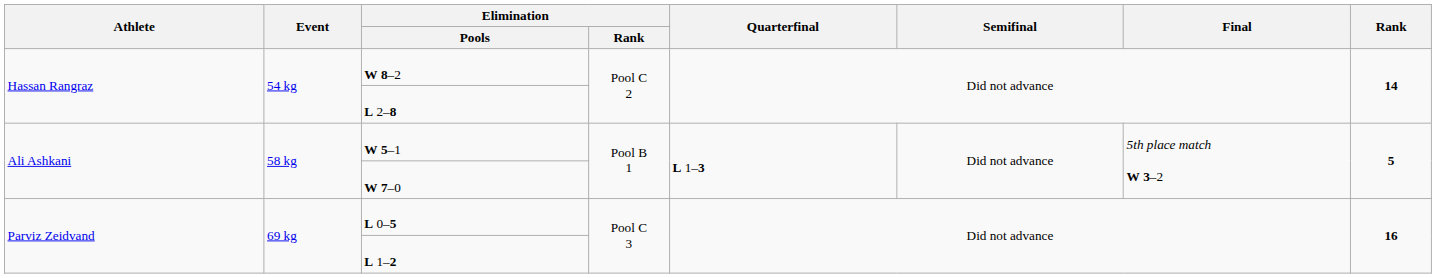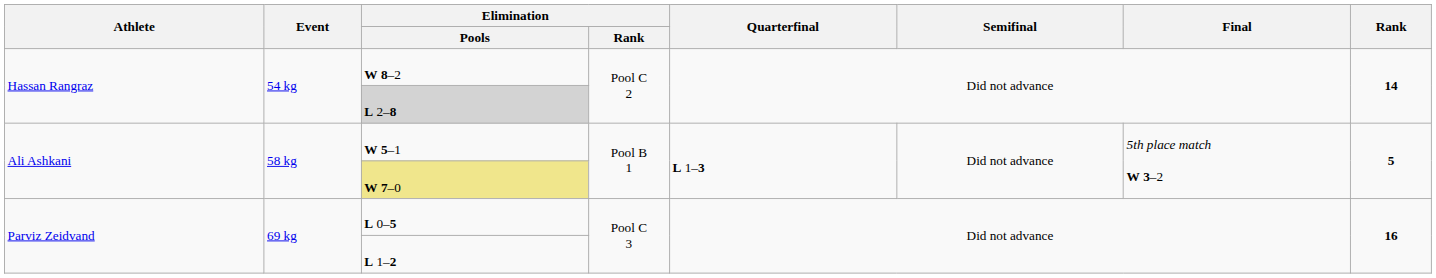 <table class="wikitable" width="98%" style="text-align:left; font-size:90%">
 <tr>
 <th rowspan="2" width="16%">Athlete</th>
 <th rowspan="2" width="6%">Event</th>
 <th colspan="2">Elimination</th>
 <th rowspan="2" width="14%">Quarterfinal</th>
 <th rowspan="2" width="14%">Semifinal</th>
 <th rowspan="2" width="14%">Final</th>
 <th rowspan="2" width="5%">Rank</th>
 </tr>
 <tr>
 <th width="14%">Pools</th>
 <th width="5%">Rank</th>
 </tr>
 <tr>
 <td rowspan="2"><a href='#'>Hassan Rangraz</a></td>
 <td rowspan="2"><a href='#'>54 kg</a></td>
 <td><br><strong>W</strong> <strong>8</strong>–2</td>
 <td rowspan="2" align=center>Pool C<br>2</td>
 <td rowspan="2" colspan=3 align=center>Did not advance</td>
 <td rowspan="2" align="center"><strong>14</strong></td>
 </tr>
 <tr>
-<td><br><strong>L</strong> 2–<strong>8</strong></td>
+<td style="background: lightgrey;"><br><strong>L</strong> 2–<strong>8</strong></td>
 </tr>
 <tr>
 <td rowspan="2"><a href='#'>Ali Ashkani</a></td>
 <td rowspan="2"><a href='#'>58 kg</a></td>
 <td><br><strong>W</strong> <strong>5</strong>–1</td>
 <td rowspan="2" align=center>Pool B<br>1 <strong></strong></td>
 <td rowspan="2"><br><strong>L</strong> 1–<strong>3</strong></td>
 <td rowspan="2" align=center>Did not advance</td>
 <td rowspan="2"><em>5th place match</em><br><br><strong>W</strong> <strong>3</strong>–2</td>
 <td rowspan="2" align="center"><strong>5</strong></td>
 </tr>
 <tr>
-<td><br><strong>W</strong> <strong>7</strong>–0</td>
+<td style="background: khaki;"><br><strong>W</strong> <strong>7</strong>–0</td>
 </tr>
 <tr>
 <td rowspan="2"><a href='#'>Parviz Zeidvand</a></td>
 <td rowspan="2"><a href='#'>69 kg</a></td>
 <td><br><strong>L</strong> 0–<strong>5</strong></td>
 <td rowspan="2" align=center>Pool C<br>3</td>
 <td rowspan="2" colspan=3 align=center>Did not advance</td>
 <td rowspan="2" align="center"><strong>16</strong></td>
 </tr>
 <tr>
 <td><br><strong>L</strong> 1–<strong>2</strong></td>
 </tr>
 </table>
